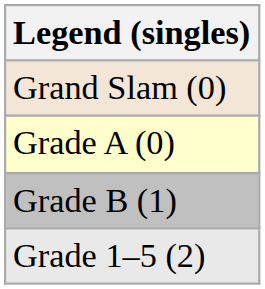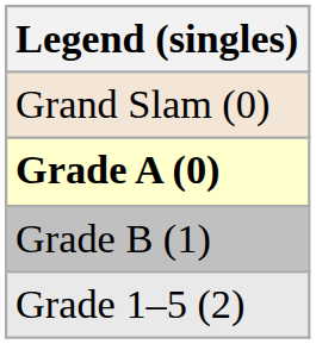 <table class=wikitable style=font-size:97%>
 <tr>
 <th>Legend (singles)</th>
 </tr>
 <tr style="background:#f3e6d7;">
 <td>Grand Slam (0)</td>
 </tr>
 <tr style="background:#ffffcc;">
-<td>Grade A (0)</td>
+<td><strong>Grade A (0)</strong></td>
 </tr>
 <tr bgcolor=silver>
 <td>Grade B (1)</td>
 </tr>
 <tr style="background:#e9e9e9;">
 <td>Grade 1–5 (2)</td>
 </tr>
 </table>
